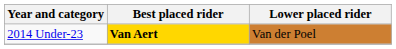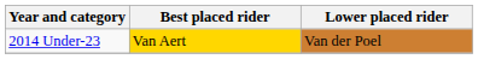 <table class=wikitable>
 <tr>
 <th>Year and category</th>
 <th width=175>Best placed rider</th>
 <th width=175>Lower placed rider</th>
 </tr>
 <tr>
 <td><a href='#'>2014 Under-23</a></td>
-<td bgcolor="FFD700"><strong> Van Aert</strong></td>
+<td bgcolor="FFD700"> Van Aert</td>
 <td bgcolor="CD7F32"> Van der Poel</td>
 </tr>
 <tr>
 </tr>
 </table>
